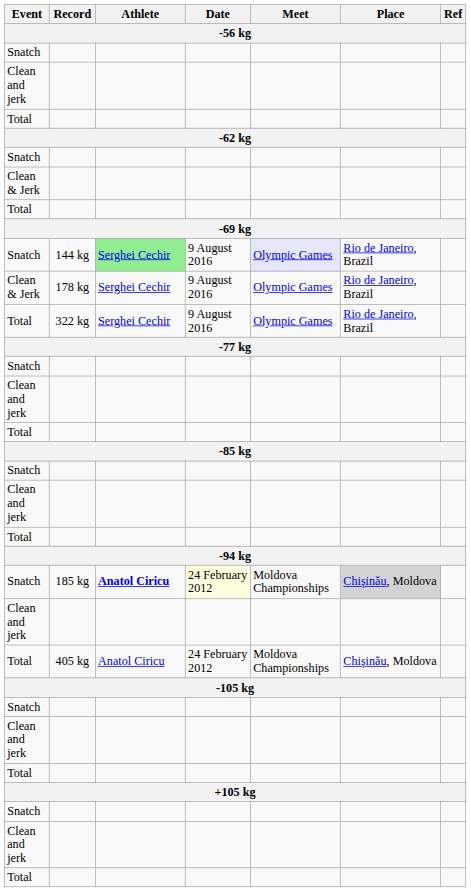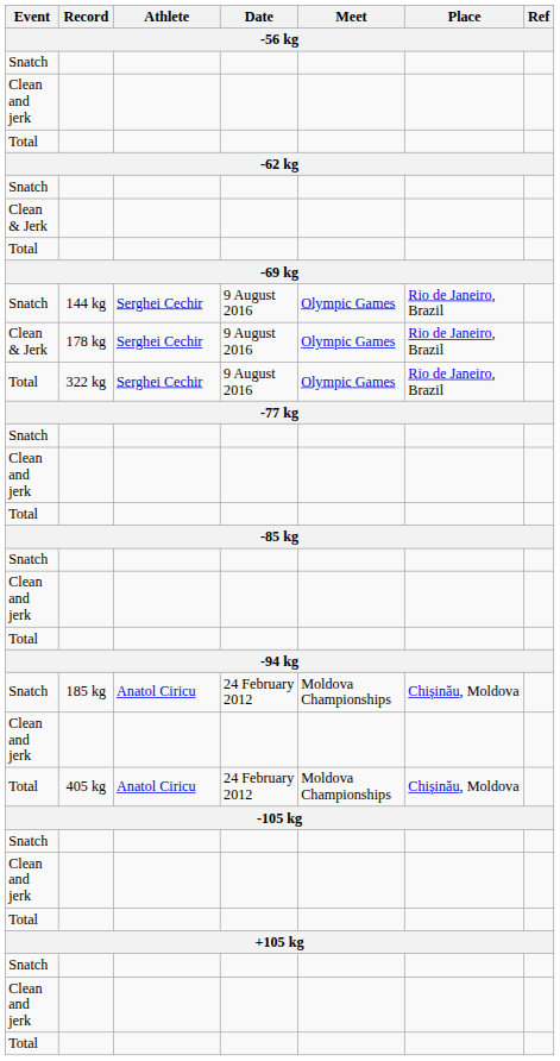 <table class="wikitable">
 <tr>
 <th width=9%>Event</th>
 <th width=6%>Record</th>
 <th width=18%>Athlete</th>
 <th width=13%>Date</th>
 <th width=18%>Meet</th>
 <th width=20%>Place</th>
 <th width=3%>Ref</th>
 </tr>
 <tr bgcolor="#DDDDDD">
 <th colspan="8">-56 kg</th>
 </tr>
 <tr>
 <td>Snatch</td>
 <td></td>
 <td></td>
 <td></td>
 <td></td>
 <td></td>
 <td></td>
 </tr>
 <tr>
 <td>Clean and jerk</td>
 <td></td>
 <td></td>
 <td></td>
 <td></td>
 <td></td>
 <td></td>
 </tr>
 <tr>
 <td>Total</td>
 <td></td>
 <td></td>
 <td></td>
 <td></td>
 <td></td>
 <td></td>
 </tr>
 <tr bgcolor="#DDDDDD">
 <th colspan="8">-62 kg</th>
 </tr>
 <tr>
 <td>Snatch</td>
 <td></td>
 <td></td>
 <td></td>
 <td></td>
 <td></td>
 <td></td>
 </tr>
 <tr>
 <td>Clean & Jerk</td>
 <td></td>
 <td></td>
 <td></td>
 <td></td>
 <td></td>
 <td></td>
 </tr>
 <tr>
 <td>Total</td>
 <td></td>
 <td></td>
 <td></td>
 <td></td>
 <td></td>
 <td></td>
 </tr>
 <tr bgcolor="#DDDDDD">
 <th colspan="8">-69 kg</th>
 </tr>
 <tr>
 <td>Snatch</td>
 <td align="center">144 kg</td>
-<td style="background: lightgreen;"><a href='#'>Serghei Cechir</a></td>
+<td><a href='#'>Serghei Cechir</a></td>
 <td>9 August 2016</td>
-<td style="background: lavender;"><a href='#'>Olympic Games</a></td>
+<td><a href='#'>Olympic Games</a></td>
 <td><a href='#'>Rio de Janeiro</a>, Brazil</td>
 <td></td>
 </tr>
 <tr>
 <td>Clean & Jerk</td>
 <td align="center">178 kg</td>
 <td><a href='#'>Serghei Cechir</a></td>
 <td>9 August 2016</td>
 <td><a href='#'>Olympic Games</a></td>
 <td><a href='#'>Rio de Janeiro</a>, Brazil</td>
 <td></td>
 </tr>
 <tr>
 <td>Total</td>
 <td align="center">322 kg</td>
 <td><a href='#'>Serghei Cechir</a></td>
 <td>9 August 2016</td>
 <td><a href='#'>Olympic Games</a></td>
 <td><a href='#'>Rio de Janeiro</a>, Brazil</td>
 <td></td>
 </tr>
 <tr bgcolor="#DDDDDD">
 <th colspan="8">-77 kg</th>
 </tr>
 <tr>
 <td>Snatch</td>
 <td></td>
 <td></td>
 <td></td>
 <td></td>
 <td></td>
 <td></td>
 </tr>
 <tr>
 <td>Clean and jerk</td>
 <td></td>
 <td></td>
 <td></td>
 <td></td>
 <td></td>
 <td></td>
 </tr>
 <tr>
 <td>Total</td>
 <td></td>
 <td></td>
 <td></td>
 <td></td>
 <td></td>
 <td></td>
 </tr>
 <tr bgcolor="#DDDDDD">
 <th colspan="8">-85 kg</th>
 </tr>
 <tr>
 <td>Snatch</td>
 <td></td>
 <td></td>
 <td></td>
 <td></td>
 <td></td>
 <td></td>
 </tr>
 <tr>
 <td>Clean and jerk</td>
 <td></td>
 <td></td>
 <td></td>
 <td></td>
 <td></td>
 <td></td>
 </tr>
 <tr>
 <td>Total</td>
 <td></td>
 <td></td>
 <td></td>
 <td></td>
 <td></td>
 <td></td>
 </tr>
 <tr bgcolor="#DDDDDD">
 <th colspan="8">-94 kg</th>
 </tr>
 <tr>
 <td>Snatch</td>
 <td align="center">185 kg</td>
-<td><strong><a href='#'>Anatol Ciricu</a></strong></td>
-<td style="background: lightyellow;">24 February 2012</td>
+<td><a href='#'>Anatol Ciricu</a></td>
+<td>24 February 2012</td>
 <td>Moldova Championships</td>
-<td style="background: lightgrey;"><a href='#'>Chişinău</a>, Moldova</td>
+<td><a href='#'>Chişinău</a>, Moldova</td>
 <td></td>
 </tr>
 <tr>
 <td>Clean and jerk</td>
 <td></td>
 <td></td>
 <td></td>
 <td></td>
 <td></td>
 <td></td>
 </tr>
 <tr>
 <td>Total</td>
 <td align="center">405 kg</td>
 <td><a href='#'>Anatol Ciricu</a></td>
 <td>24 February 2012</td>
 <td>Moldova Championships</td>
 <td><a href='#'>Chişinău</a>, Moldova</td>
 <td></td>
 </tr>
 <tr bgcolor="#DDDDDD">
 <th colspan="8">-105 kg</th>
 </tr>
 <tr>
 <td>Snatch</td>
 <td></td>
 <td></td>
 <td></td>
 <td></td>
 <td></td>
 <td></td>
 </tr>
 <tr>
 <td>Clean and jerk</td>
 <td></td>
 <td></td>
 <td></td>
 <td></td>
 <td></td>
 <td></td>
 </tr>
 <tr>
 <td>Total</td>
 <td></td>
 <td></td>
 <td></td>
 <td></td>
 <td></td>
 <td></td>
 </tr>
 <tr bgcolor="#DDDDDD">
 <th colspan="8">+105 kg</th>
 </tr>
 <tr>
 <td>Snatch</td>
 <td></td>
 <td></td>
 <td></td>
 <td></td>
 <td></td>
 <td></td>
 </tr>
 <tr>
 <td>Clean and jerk</td>
 <td></td>
 <td></td>
 <td></td>
 <td></td>
 <td></td>
 <td></td>
 </tr>
 <tr>
 <td>Total</td>
 <td></td>
 <td></td>
 <td></td>
 <td></td>
 <td></td>
 <td></td>
 </tr>
 </table>
